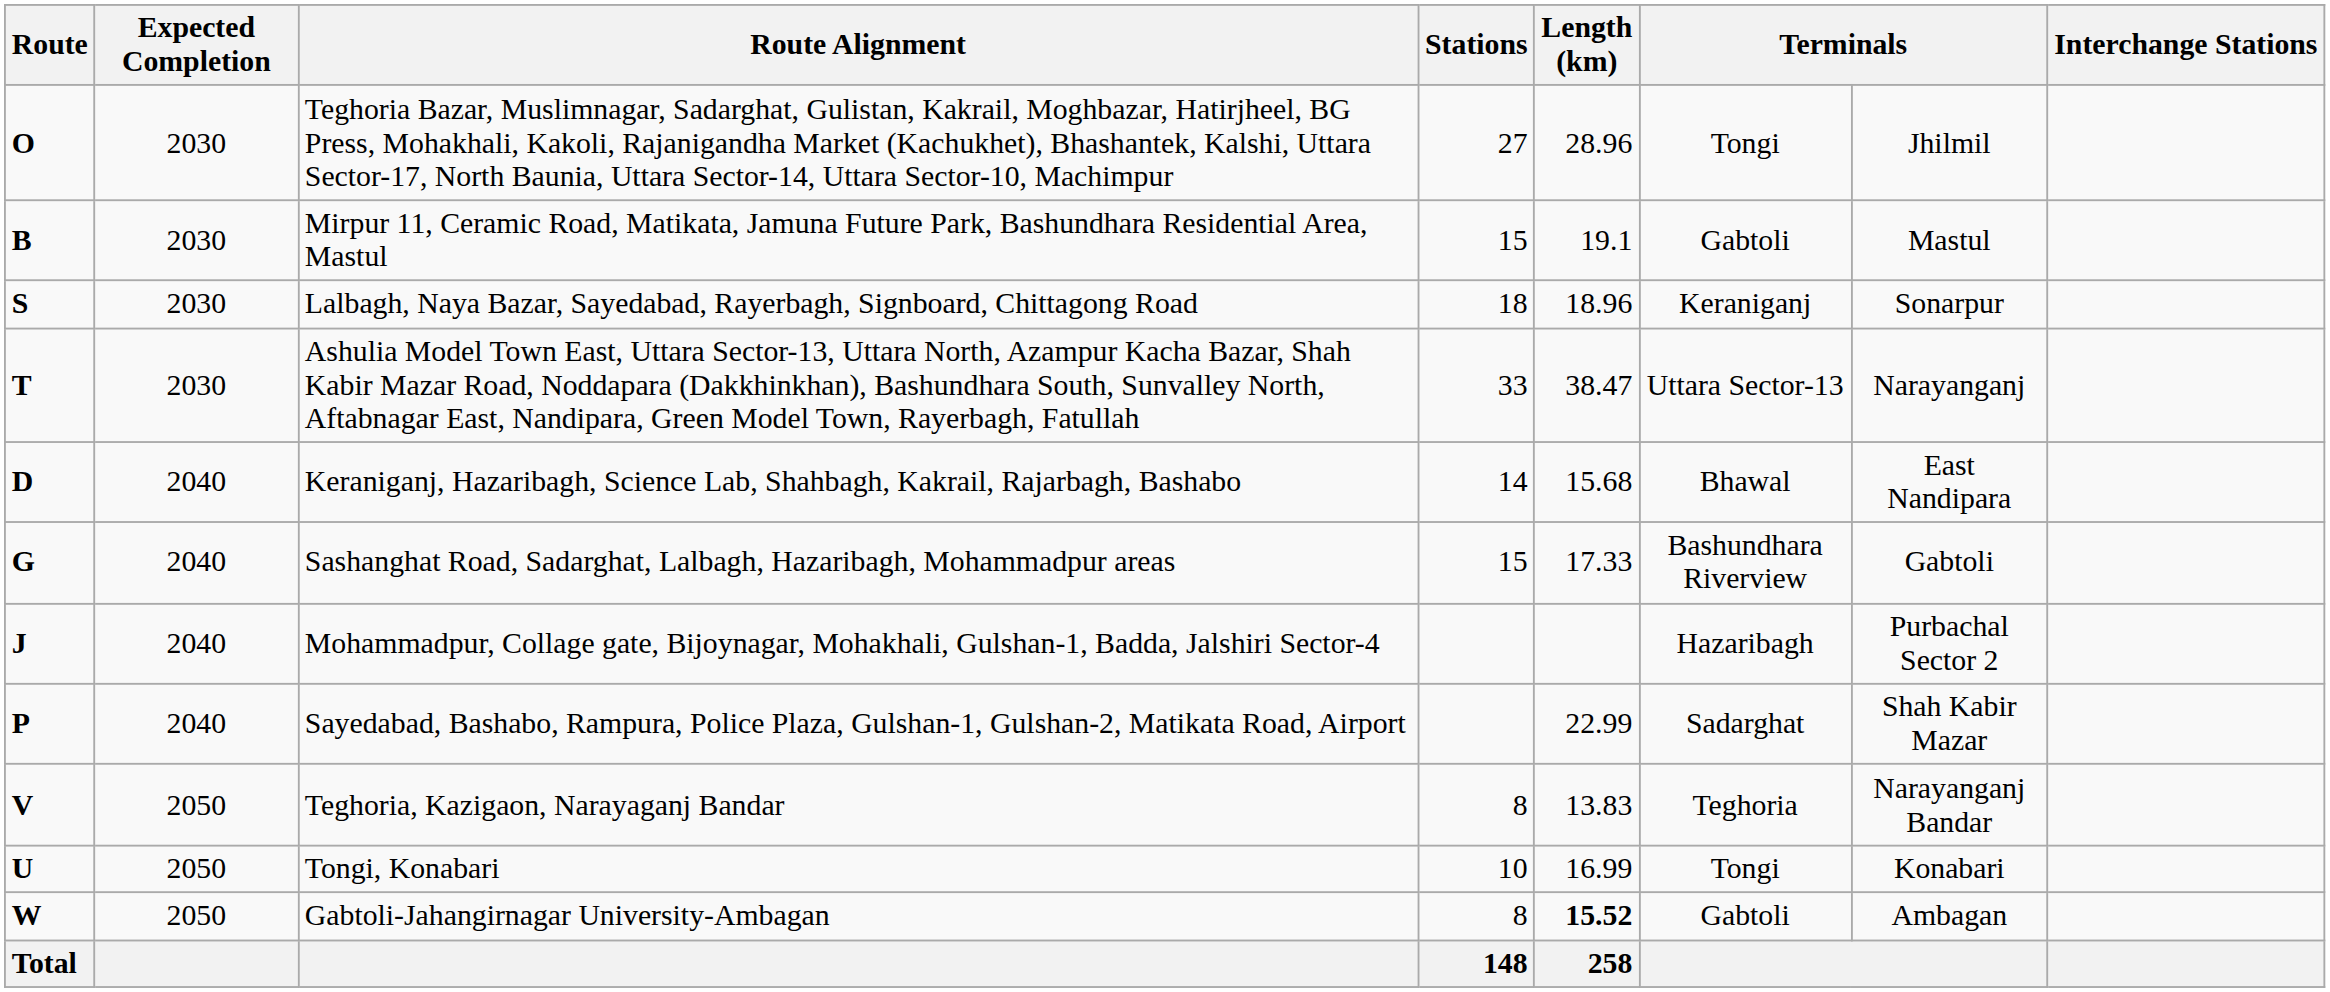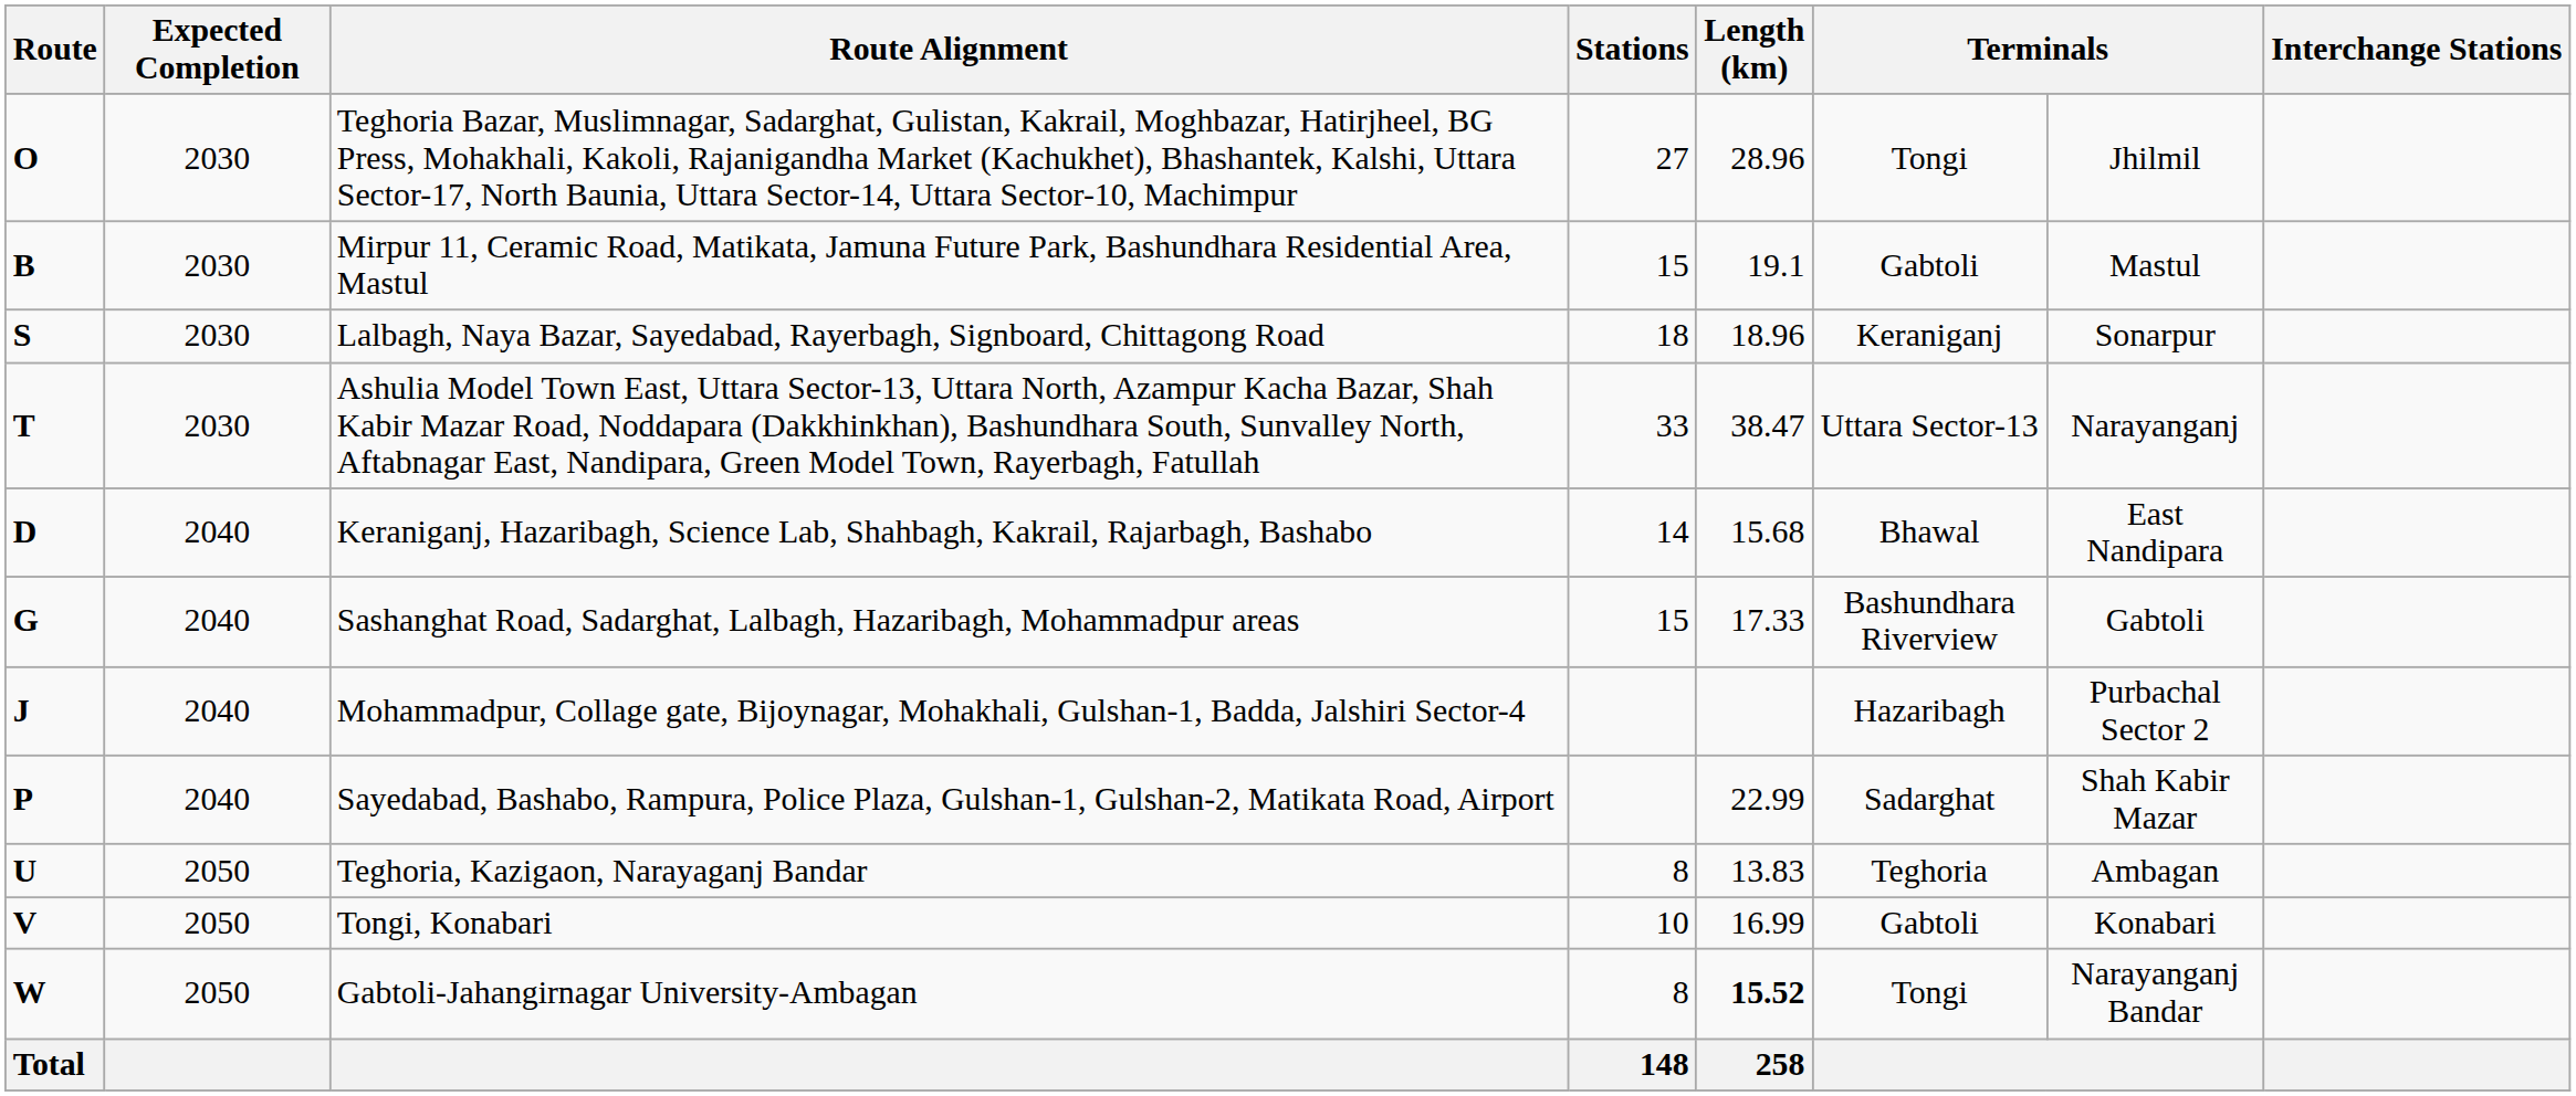 <table class="wikitable sortable">
 <tr>
 <th>Route</th>
 <th>Expected Completion</th>
 <th>Route Alignment</th>
 <th>Stations</th>
 <th>Length<br>(km)</th>
 <th colspan="2">Terminals</th>
 <th>Interchange Stations</th>
 </tr>
 <tr>
 <td><strong>O</strong></td>
 <td style="text-align: center;">2030</td>
 <td>Teghoria Bazar, Muslimnagar, Sadarghat, Gulistan, Kakrail, Moghbazar, Hatirjheel, BG Press, Mohakhali, Kakoli, Rajanigandha Market (Kachukhet), Bhashantek, Kalshi, Uttara Sector-17, North Baunia, Uttara Sector-14, Uttara Sector-10, Machimpur</td>
 <td style="text-align: right;">27</td>
 <td style="text-align: right;">28.96</td>
 <td style="text-align: center;">Tongi</td>
 <td style="text-align: center;">Jhilmil</td>
 <td></td>
 </tr>
 <tr>
 <td><strong>B</strong></td>
 <td style="text-align: center;">2030</td>
 <td>Mirpur 11, Ceramic Road, Matikata, Jamuna Future Park, Bashundhara Residential Area, Mastul</td>
 <td style="text-align: right;">15</td>
 <td style="text-align: right;">19.1</td>
 <td style="text-align: center;">Gabtoli</td>
 <td style="text-align: center;">Mastul</td>
 <td></td>
 </tr>
 <tr>
 <td><strong>S</strong></td>
 <td style="text-align: center;">2030</td>
 <td>Lalbagh, Naya Bazar, Sayedabad, Rayerbagh, Signboard, Chittagong Road</td>
 <td style="text-align: right;">18</td>
 <td style="text-align: right;">18.96</td>
 <td style="text-align: center;">Keraniganj</td>
 <td style="text-align: center;">Sonarpur</td>
 <td></td>
 </tr>
 <tr>
 <td><strong>T</strong></td>
 <td style="text-align: center;">2030</td>
 <td>Ashulia Model Town East, Uttara Sector-13, Uttara North, Azampur Kacha Bazar, Shah Kabir Mazar Road, Noddapara (Dakkhinkhan), Bashundhara South, Sunvalley North, Aftabnagar East, Nandipara, Green Model Town, Rayerbagh, Fatullah</td>
 <td style="text-align: right;">33</td>
 <td style="text-align: right;">38.47</td>
 <td style="text-align: center;">Uttara Sector-13</td>
 <td style="text-align: center;">Narayanganj</td>
 <td></td>
 </tr>
 <tr>
 <td><strong>D</strong></td>
 <td style="text-align: center;">2040</td>
 <td>Keraniganj, Hazaribagh, Science Lab, Shahbagh, Kakrail, Rajarbagh, Bashabo</td>
 <td style="text-align: right;">14</td>
 <td style="text-align: right;">15.68</td>
 <td style="text-align: center;">Bhawal</td>
 <td style="text-align: center;">East Nandipara</td>
 <td></td>
 </tr>
 <tr>
 <td><strong>G</strong></td>
 <td style="text-align: center;">2040</td>
 <td>Sashanghat Road, Sadarghat, Lalbagh, Hazaribagh, Mohammadpur areas</td>
 <td style="text-align: right;">15</td>
 <td style="text-align: right;">17.33</td>
 <td style="text-align: center;">Bashundhara Riverview</td>
 <td style="text-align: center;">Gabtoli</td>
 <td></td>
 </tr>
 <tr>
 <td><strong>J</strong></td>
 <td style="text-align: center;">2040</td>
 <td>Mohammadpur, Collage gate, Bijoynagar, Mohakhali, Gulshan-1, Badda, Jalshiri Sector-4</td>
 <td style="text-align: right;"></td>
 <td style="text-align: right;"></td>
 <td style="text-align: center;">Hazaribagh</td>
 <td style="text-align: center;">Purbachal Sector 2</td>
 <td></td>
 </tr>
 <tr>
 <td><strong>P</strong></td>
 <td style="text-align: center;">2040</td>
 <td>Sayedabad, Bashabo, Rampura, Police Plaza, Gulshan-1, Gulshan-2, Matikata Road, Airport</td>
 <td style="text-align: right;"></td>
 <td style="text-align: right;">22.99</td>
 <td style="text-align: center;">Sadarghat</td>
 <td style="text-align: center;">Shah Kabir Mazar</td>
 <td></td>
 </tr>
 <tr>
-<td><strong>V</strong></td>
+<td><strong>U</strong></td>
 <td style="text-align: center;">2050</td>
 <td>Teghoria, Kazigaon, Narayaganj Bandar</td>
 <td style="text-align: right;">8</td>
 <td style="text-align: right;">13.83</td>
 <td style="text-align: center;">Teghoria</td>
-<td style="text-align: center;">Narayanganj Bandar</td>
+<td style="text-align: center;">Ambagan</td>
 <td></td>
 </tr>
 <tr>
-<td><strong>U</strong></td>
+<td><strong>V</strong></td>
 <td style="text-align: center;">2050</td>
 <td>Tongi, Konabari</td>
 <td style="text-align: right;">10</td>
 <td style="text-align: right;">16.99</td>
-<td style="text-align: center;">Tongi</td>
+<td style="text-align: center;">Gabtoli</td>
 <td style="text-align: center;">Konabari</td>
 <td></td>
 </tr>
 <tr>
 <td><strong>W</strong></td>
 <td style="text-align: center;">2050</td>
 <td>Gabtoli-Jahangirnagar University-Ambagan</td>
 <td style="text-align: right;">8</td>
 <td style="text-align: right;"><strong>15.52</strong></td>
-<td style="text-align: center;">Gabtoli</td>
-<td style="text-align: center;">Ambagan</td>
+<td style="text-align: center;">Tongi</td>
+<td style="text-align: center;">Narayanganj Bandar</td>
 <td></td>
 </tr>
 <tr>
 <th colspan="1" style="text-align: left;"><strong>Total</strong></th>
 <th colspan="1"></th>
 <th></th>
 <th style="text-align: right;"><strong>148</strong></th>
 <th style="text-align: right;"><strong>258</strong></th>
 <th colspan="2"></th>
 <th></th>
 </tr>
 </table>
